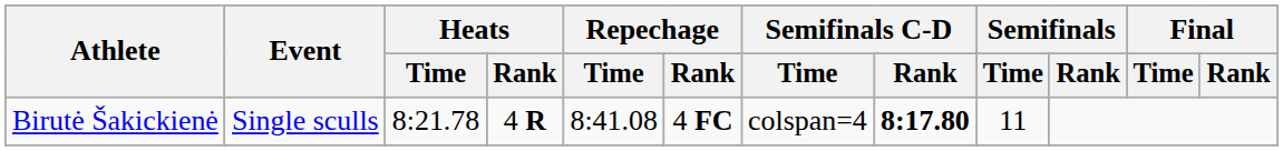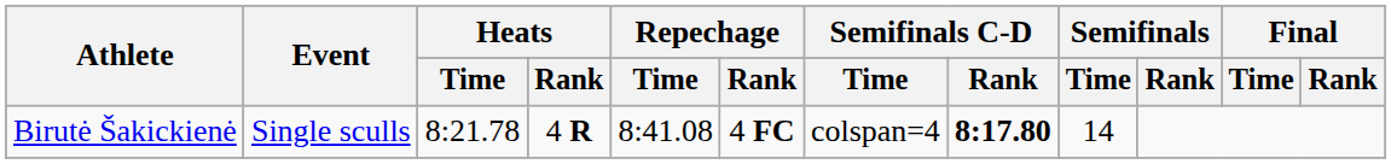 <table class="wikitable" style="font-size:90%">
 <tr>
 <th rowspan="2">Athlete</th>
 <th rowspan="2">Event</th>
 <th colspan="2">Heats</th>
 <th colspan="2">Repechage</th>
 <th colspan="2">Semifinals C-D</th>
 <th colspan="2">Semifinals</th>
 <th colspan="2">Final</th>
 </tr>
 <tr style="font-size:95%">
 <th>Time</th>
 <th>Rank</th>
 <th>Time</th>
 <th>Rank</th>
 <th>Time</th>
 <th>Rank</th>
 <th>Time</th>
 <th>Rank</th>
 <th>Time</th>
 <th>Rank</th>
 </tr>
 <tr align=center>
 <td align=left><a href='#'>Birutė Šakickienė</a></td>
 <td align=left><a href='#'>Single sculls</a></td>
 <td>8:21.78</td>
 <td>4 <strong>R</strong></td>
 <td>8:41.08</td>
 <td>4 <strong>FC</strong></td>
 <td>colspan=4 </td>
 <td><strong>8:17.80</strong></td>
-<td>11</td>
+<td>14</td>
 </tr>
 </table>
